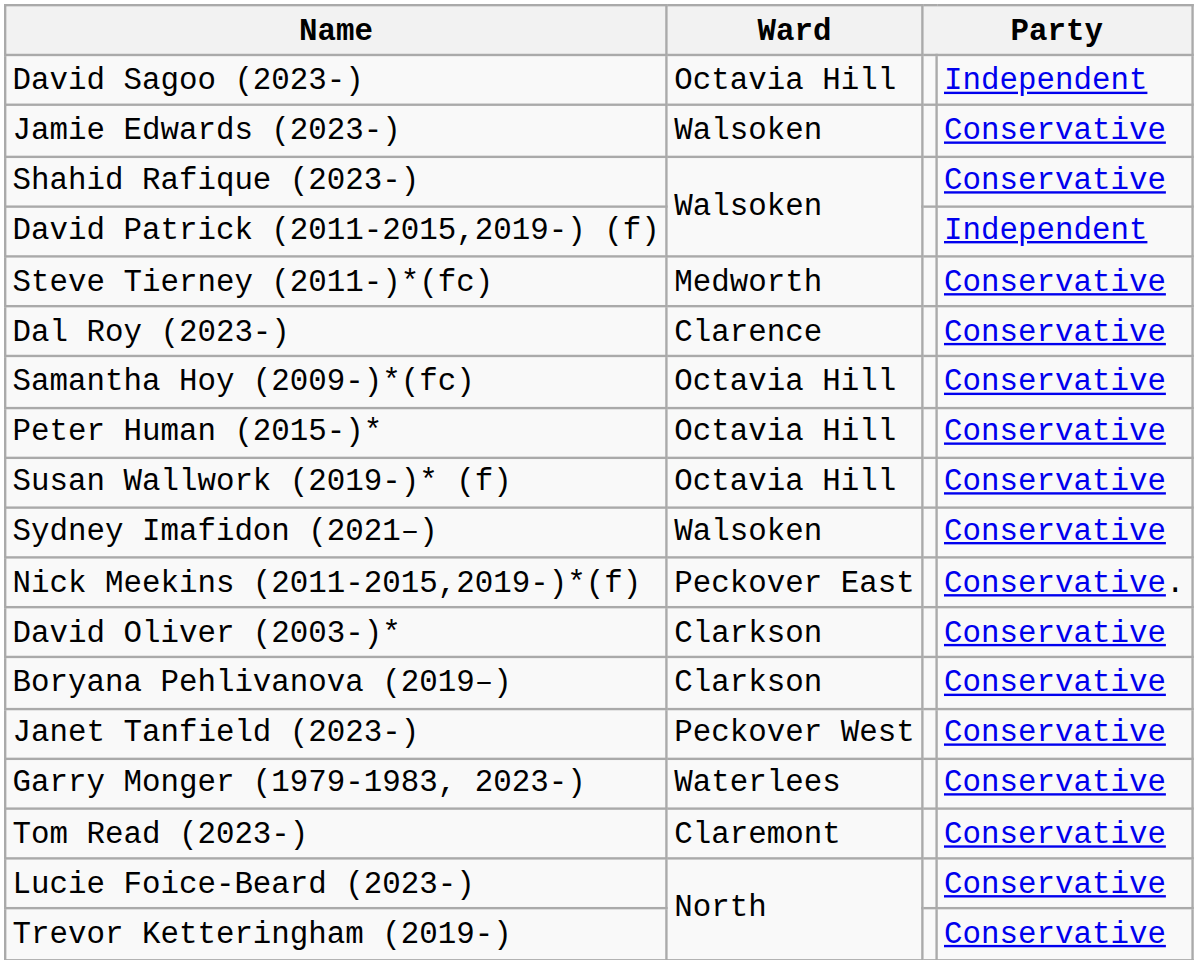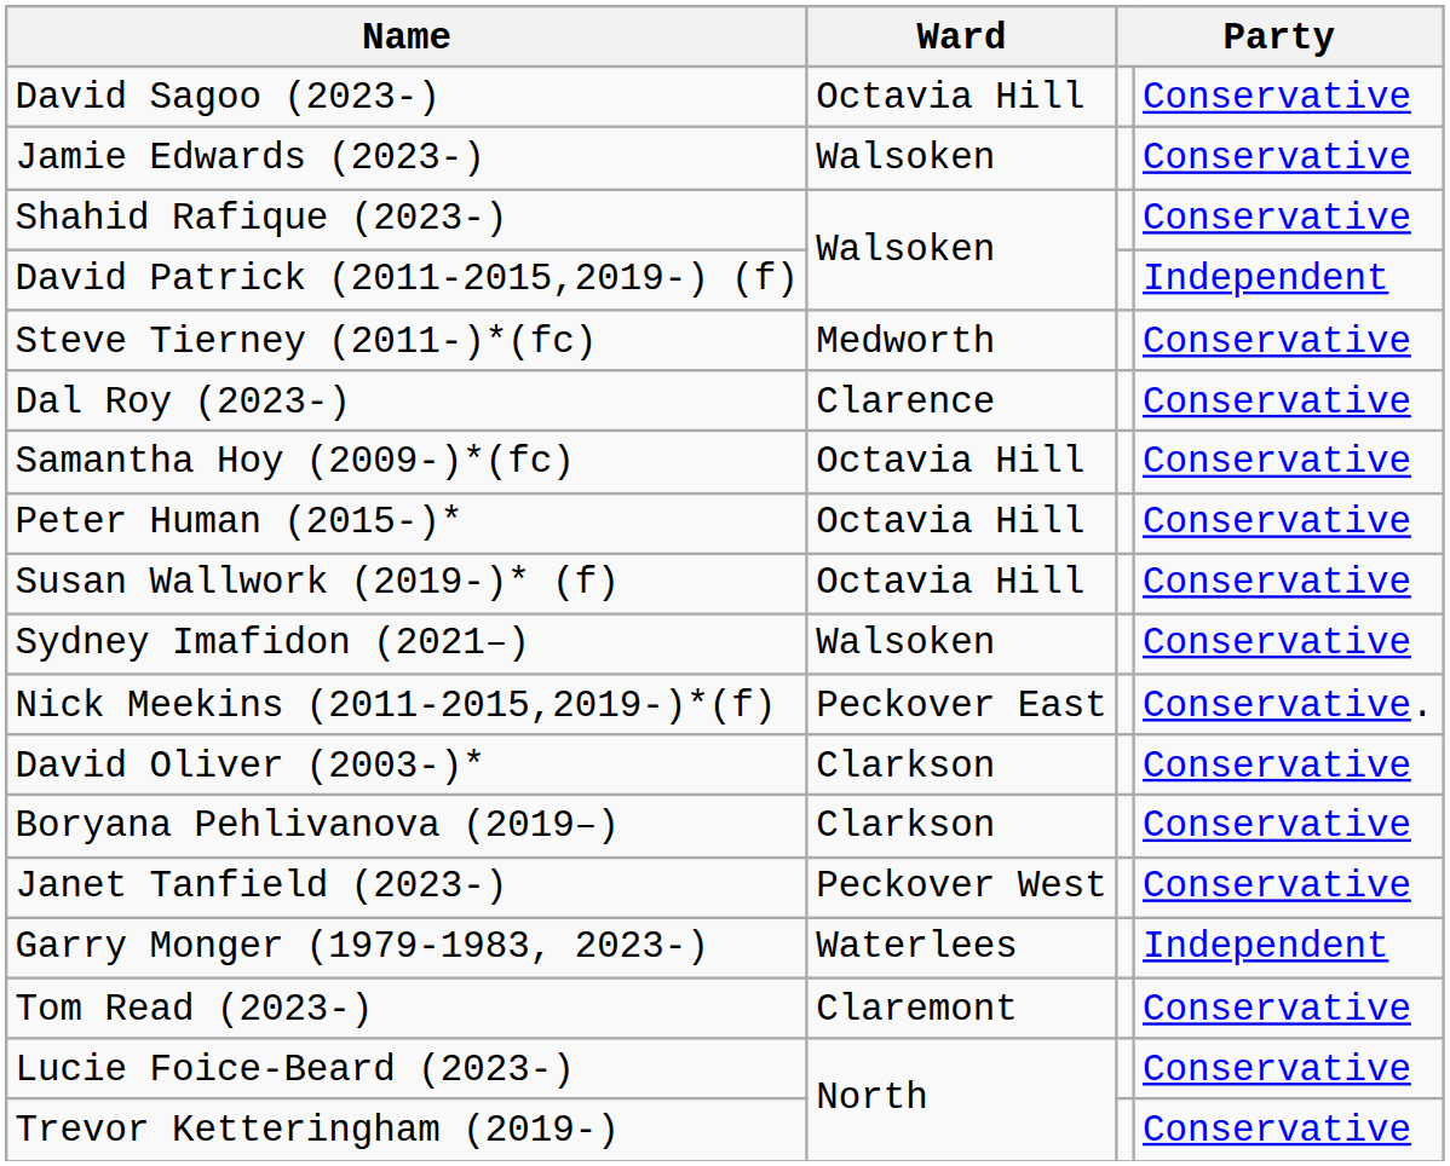 <table class="wikitable">
 <tr>
 <th>Name</th>
 <th>Ward</th>
 <th width="80" colspan="2">Party</th>
 </tr>
 <tr>
 <td>David Sagoo (2023-)</td>
 <td rowspan="1">Octavia Hill</td>
 <td style="color:inherit;background:"></td>
-<td><a href='#'>Independent</a></td>
+<td><a href='#'>Conservative</a></td>
 </tr>
 <tr>
 <td>Jamie Edwards (2023-)</td>
 <td>Walsoken</td>
 <td style="color:inherit;background:"></td>
 <td><a href='#'>Conservative</a></td>
 </tr>
 <tr>
 <td>Shahid Rafique (2023-)</td>
 <td rowspan="2">Walsoken</td>
 <td style="color:inherit;background:"></td>
 <td><a href='#'>Conservative</a></td>
 </tr>
 <tr>
 <td>David Patrick (2011-2015,2019-) (f)</td>
 <td style="color:inherit;background:"></td>
 <td><a href='#'>Independent</a></td>
 </tr>
 <tr>
 <td>Steve Tierney (2011-)*(fc)</td>
 <td rowspan="1">Medworth</td>
 <td style="color:inherit;background:"></td>
 <td><a href='#'>Conservative</a></td>
 </tr>
 <tr>
 <td>Dal Roy (2023-)</td>
 <td>Clarence</td>
 <td style="color:inherit;background:"></td>
 <td><a href='#'>Conservative</a></td>
 </tr>
 <tr>
 <td>Samantha Hoy (2009-)*(fc)</td>
 <td rowspan="1">Octavia Hill</td>
 <td style="color:inherit;background:"></td>
 <td><a href='#'>Conservative</a></td>
 </tr>
 <tr>
 <td>Peter Human (2015-)*</td>
 <td>Octavia Hill</td>
 <td style="color:inherit;background:"></td>
 <td><a href='#'>Conservative</a></td>
 </tr>
 <tr>
 <td>Susan Wallwork (2019-)* (f)</td>
 <td>Octavia Hill</td>
 <td style="color:inherit;background:"></td>
 <td><a href='#'>Conservative</a></td>
 </tr>
 <tr>
 <td>Sydney Imafidon (2021–)</td>
 <td>Walsoken</td>
 <td style="color:inherit;background:"></td>
 <td><a href='#'>Conservative</a></td>
 </tr>
 <tr>
 <td>Nick Meekins (2011-2015,2019-)*(f)</td>
 <td rowspan="1">Peckover East</td>
 <td style="color:inherit;background:"></td>
 <td><a href='#'>Conservative</a>.</td>
 </tr>
 <tr>
 <td>David Oliver (2003-)*</td>
 <td>Clarkson</td>
 <td style="color:inherit;background:"></td>
 <td><a href='#'>Conservative</a></td>
 </tr>
 <tr>
 <td>Boryana Pehlivanova (2019–)</td>
 <td rowspan="1">Clarkson</td>
 <td style="color:inherit;background:"></td>
 <td><a href='#'>Conservative</a></td>
 </tr>
 <tr>
 <td>Janet Tanfield (2023-)</td>
 <td>Peckover West</td>
 <td style="color:inherit;background:"></td>
 <td><a href='#'>Conservative</a></td>
 </tr>
 <tr>
 <td>Garry Monger (1979-1983, 2023-)</td>
 <td rowspan="1">Waterlees</td>
 <td style="color:inherit;background:"></td>
-<td><a href='#'>Conservative</a></td>
+<td><a href='#'>Independent</a></td>
 </tr>
 <tr>
 <td>Tom Read (2023-)</td>
 <td rowspan="1">Claremont</td>
 <td style="color:inherit;background:"></td>
 <td><a href='#'>Conservative</a></td>
 </tr>
 <tr>
 <td>Lucie Foice-Beard (2023-)</td>
 <td rowspan="2">North</td>
 <td style="color:inherit;background:"></td>
 <td><a href='#'>Conservative</a></td>
 </tr>
 <tr>
 <td>Trevor Ketteringham (2019-)</td>
 <td style="color:inherit;background:"></td>
 <td><a href='#'>Conservative</a></td>
 </tr>
 </table>
